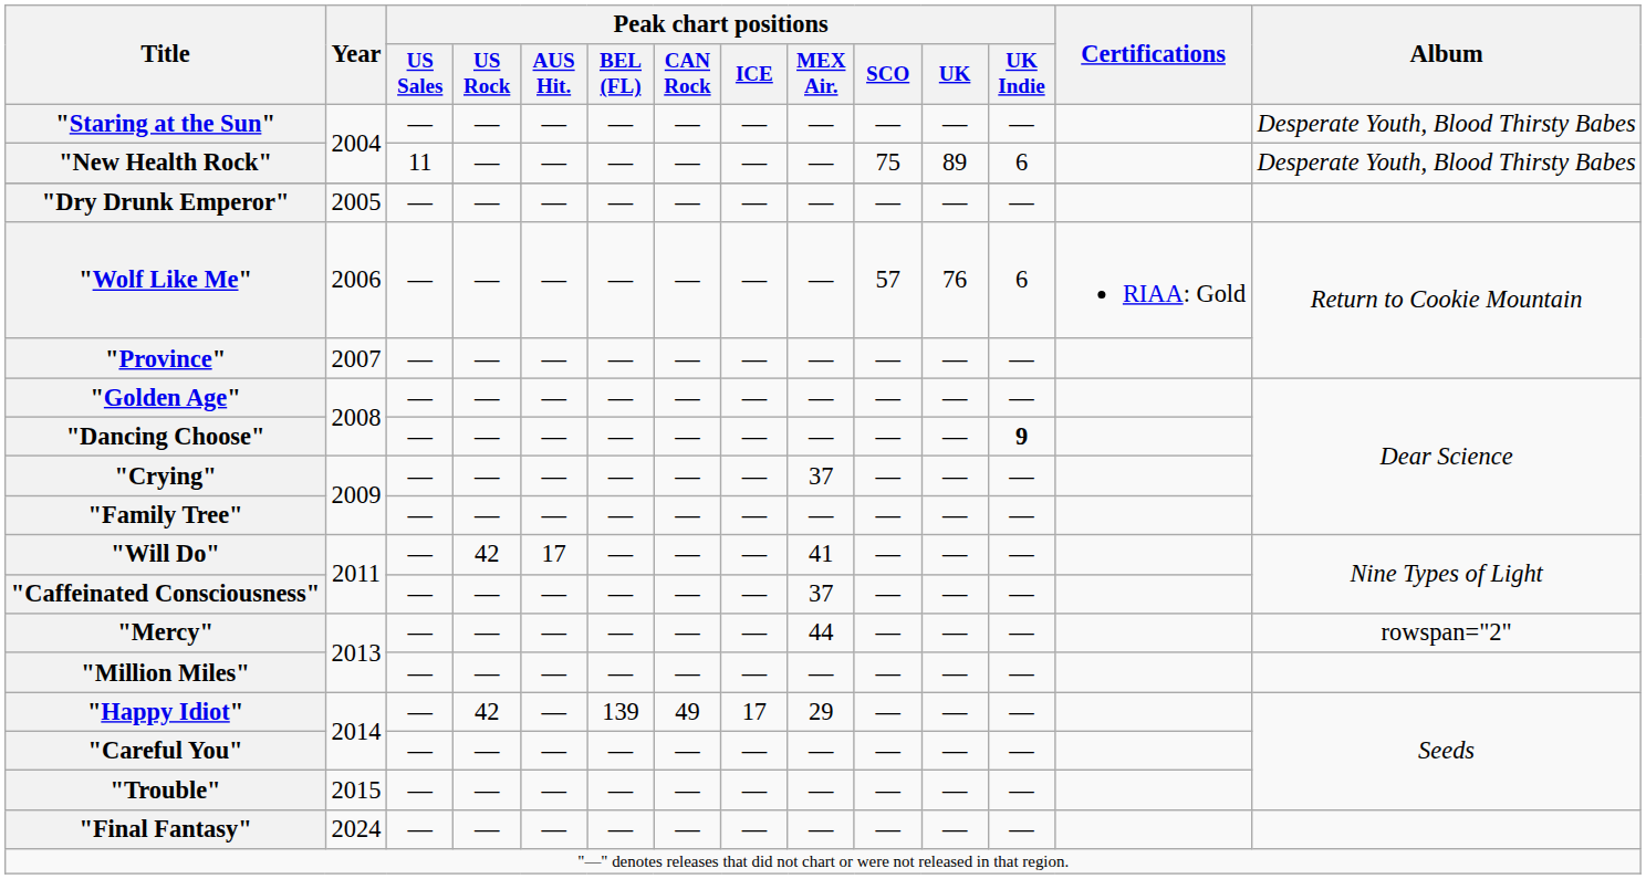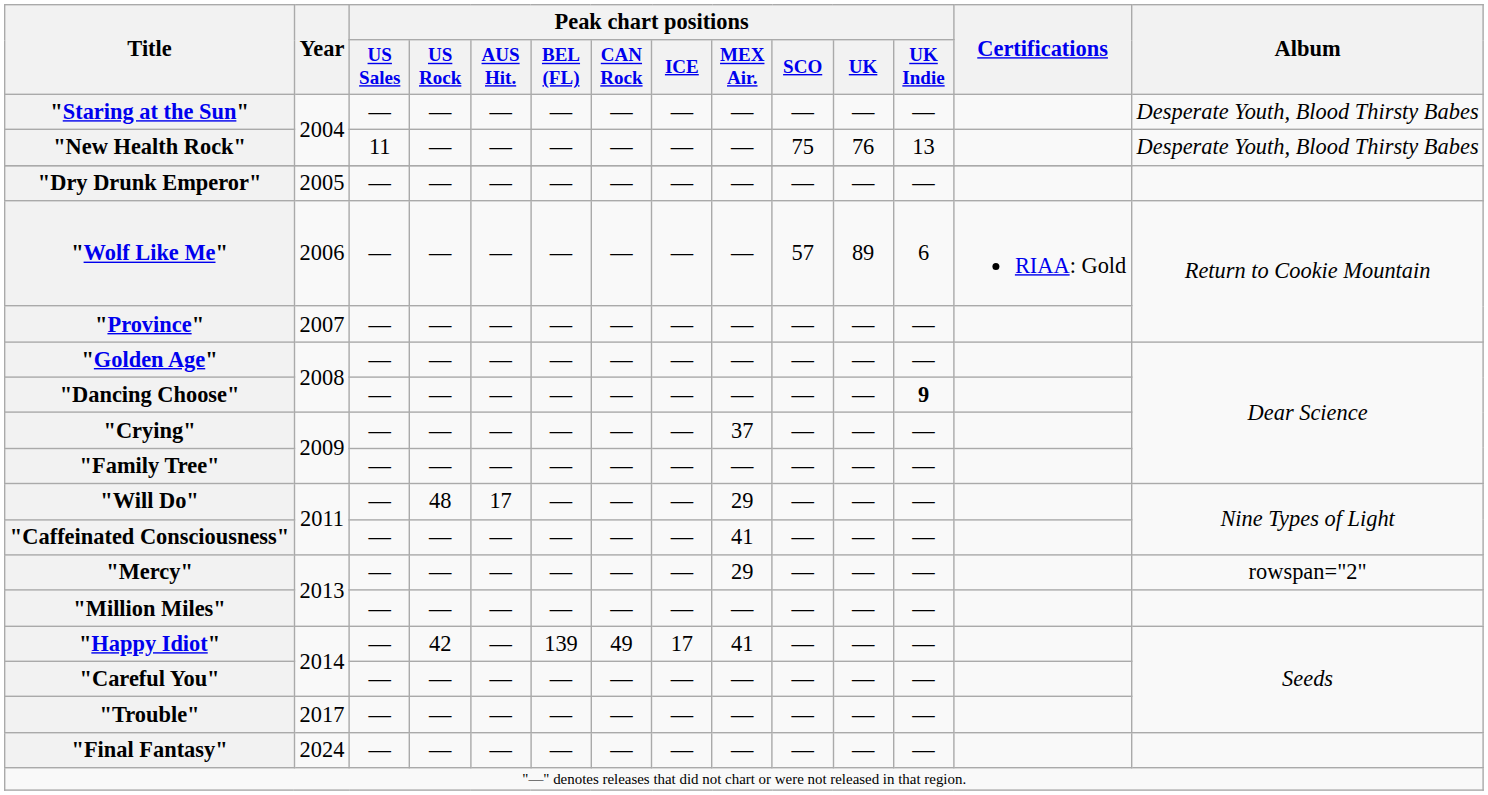 <table class="wikitable plainrowheaders" style="text-align:center;" border="1">
 <tr>
 <th scope="col" rowspan="2">Title</th>
 <th scope="col" rowspan="2">Year</th>
 <th scope="col" colspan="10">Peak chart positions</th>
 <th scope="col" rowspan="2"><a href='#'>Certifications</a></th>
 <th scope="col" rowspan="2">Album</th>
 </tr>
 <tr>
 <th scope="col" style="width:2.7em;font-size:85%;"><a href='#'>US<br>Sales</a><br></th>
 <th scope="col" style="width:2.7em;font-size:85%;"><a href='#'>US<br>Rock</a><br></th>
 <th scope="col" style="width:2.7em;font-size:85%;"><a href='#'>AUS<br>Hit.</a><br></th>
 <th scope="col" style="width:2.7em;font-size:85%;"><a href='#'>BEL<br>(FL)</a><br></th>
 <th scope="col" style="width:2.7em;font-size:85%;"><a href='#'>CAN<br>Rock</a><br></th>
 <th scope="col" style="width:2.7em;font-size:85%;"><a href='#'>ICE</a><br></th>
 <th scope="col" style="width:2.7em;font-size:85%;"><a href='#'>MEX<br>Air.</a><br></th>
 <th scope="col" style="width:2.7em;font-size:85%;"><a href='#'>SCO</a><br></th>
 <th scope="col" style="width:2.7em;font-size:85%;"><a href='#'>UK</a><br></th>
 <th scope="col" style="width:2.7em;font-size:85%;"><a href='#'>UK<br>Indie</a><br></th>
 </tr>
 <tr>
 <th scope="row">"<a href='#'>Staring at the Sun</a>"</th>
 <td rowspan="2">2004</td>
 <td>—</td>
 <td>—</td>
 <td>—</td>
 <td>—</td>
 <td>—</td>
 <td>—</td>
 <td>—</td>
 <td>—</td>
 <td>—</td>
 <td>—</td>
 <td></td>
 <td><em>Desperate Youth, Blood Thirsty Babes</em></td>
 </tr>
 <tr>
 <th scope="row">"New Health Rock"</th>
 <td>11</td>
 <td>—</td>
 <td>—</td>
 <td>—</td>
 <td>—</td>
 <td>—</td>
 <td>—</td>
 <td>75</td>
-<td>89</td>
-<td>6</td>
+<td>76</td>
+<td>13</td>
 <td></td>
 <td><em>Desperate Youth, Blood Thirsty Babes</em></td>
 </tr>
 <tr>
 </tr>
 <tr>
 <th scope="row">"Dry Drunk Emperor"</th>
 <td>2005</td>
 <td>—</td>
 <td>—</td>
 <td>—</td>
 <td>—</td>
 <td>—</td>
 <td>—</td>
 <td>—</td>
 <td>—</td>
 <td>—</td>
 <td>—</td>
 <td></td>
 </tr>
 <tr>
 <th scope="row">"<a href='#'>Wolf Like Me</a>"</th>
 <td>2006</td>
 <td>—</td>
 <td>—</td>
 <td>—</td>
 <td>—</td>
 <td>—</td>
 <td>—</td>
 <td>—</td>
 <td>57</td>
-<td>76</td>
+<td>89</td>
 <td>6</td>
 <td><br><ul><li><a href='#'>RIAA</a>: Gold</li></ul></td>
 <td rowspan="2"><em>Return to Cookie Mountain</em></td>
 </tr>
 <tr>
 <th scope="row">"<a href='#'>Province</a>"</th>
 <td>2007</td>
 <td>—</td>
 <td>—</td>
 <td>—</td>
 <td>—</td>
 <td>—</td>
 <td>—</td>
 <td>—</td>
 <td>—</td>
 <td>—</td>
 <td>—</td>
 <td></td>
 </tr>
 <tr>
 <th scope="row">"<a href='#'>Golden Age</a>"</th>
 <td rowspan="2">2008</td>
 <td>—</td>
 <td>—</td>
 <td>—</td>
 <td>—</td>
 <td>—</td>
 <td>—</td>
 <td>—</td>
 <td>—</td>
 <td>—</td>
 <td>—</td>
 <td></td>
 <td rowspan="4"><em>Dear Science</em></td>
 </tr>
 <tr>
 <th scope="row">"Dancing Choose"</th>
 <td>—</td>
 <td>—</td>
 <td>—</td>
 <td>—</td>
 <td>—</td>
 <td>—</td>
 <td>—</td>
 <td>—</td>
 <td>—</td>
 <td><strong>9</strong></td>
 <td></td>
 </tr>
 <tr>
 <th scope="row">"Crying"</th>
 <td rowspan="2">2009</td>
 <td>—</td>
 <td>—</td>
 <td>—</td>
 <td>—</td>
 <td>—</td>
 <td>—</td>
 <td>37</td>
 <td>—</td>
 <td>—</td>
 <td>—</td>
 <td></td>
 </tr>
 <tr>
 <th scope="row">"Family Tree"</th>
 <td>—</td>
 <td>—</td>
 <td>—</td>
 <td>—</td>
 <td>—</td>
 <td>—</td>
 <td>—</td>
 <td>—</td>
 <td>—</td>
 <td>—</td>
 <td></td>
 </tr>
 <tr>
 <th scope="row">"Will Do"</th>
 <td rowspan="2">2011</td>
 <td>—</td>
-<td>42</td>
+<td>48</td>
 <td>17</td>
 <td>—</td>
 <td>—</td>
 <td>—</td>
-<td>41</td>
+<td>29</td>
 <td>—</td>
 <td>—</td>
 <td>—</td>
 <td></td>
 <td rowspan="2"><em>Nine Types of Light</em></td>
 </tr>
 <tr>
 <th scope="row">"Caffeinated Consciousness"</th>
 <td>—</td>
 <td>—</td>
 <td>—</td>
 <td>—</td>
 <td>—</td>
 <td>—</td>
-<td>37</td>
+<td>41</td>
 <td>—</td>
 <td>—</td>
 <td>—</td>
 <td></td>
 </tr>
 <tr>
 <th scope="row">"Mercy"</th>
 <td rowspan="2">2013</td>
 <td>—</td>
 <td>—</td>
 <td>—</td>
 <td>—</td>
 <td>—</td>
 <td>—</td>
-<td>44</td>
+<td>29</td>
 <td>—</td>
 <td>—</td>
 <td>—</td>
 <td></td>
 <td>rowspan="2" </td>
 </tr>
 <tr>
 <th scope="row">"Million Miles"</th>
 <td>—</td>
 <td>—</td>
 <td>—</td>
 <td>—</td>
 <td>—</td>
 <td>—</td>
 <td>—</td>
 <td>—</td>
 <td>—</td>
 <td>—</td>
 <td></td>
 </tr>
 <tr>
 <th scope="row">"<a href='#'>Happy Idiot</a>"</th>
 <td rowspan="2">2014</td>
 <td>—</td>
 <td>42</td>
 <td>—</td>
 <td>139</td>
 <td>49</td>
 <td>17</td>
-<td>29</td>
+<td>41</td>
 <td>—</td>
 <td>—</td>
 <td>—</td>
 <td></td>
 <td rowspan="3"><em>Seeds</em></td>
 </tr>
 <tr>
 <th scope="row">"Careful You"</th>
 <td>—</td>
 <td>—</td>
 <td>—</td>
 <td>—</td>
 <td>—</td>
 <td>—</td>
 <td>—</td>
 <td>—</td>
 <td>—</td>
 <td>—</td>
 <td></td>
 </tr>
 <tr>
 <th scope="row">"Trouble"</th>
-<td rowspan="1">2015</td>
+<td rowspan="1">2017</td>
 <td>—</td>
 <td>—</td>
 <td>—</td>
 <td>—</td>
 <td>—</td>
 <td>—</td>
 <td>—</td>
 <td>—</td>
 <td>—</td>
 <td>—</td>
 <td></td>
 </tr>
 <tr>
 <th scope="row">"Final Fantasy"</th>
 <td rowspan="1">2024</td>
 <td>—</td>
 <td>—</td>
 <td>—</td>
 <td>—</td>
 <td>—</td>
 <td>—</td>
 <td>—</td>
 <td>—</td>
 <td>—</td>
 <td>—</td>
 <td></td>
 <td></td>
 </tr>
 <tr>
 <td align="center" colspan="18" style="font-size: 8pt">"—" denotes releases that did not chart or were not released in that region.</td>
 </tr>
 </table>
